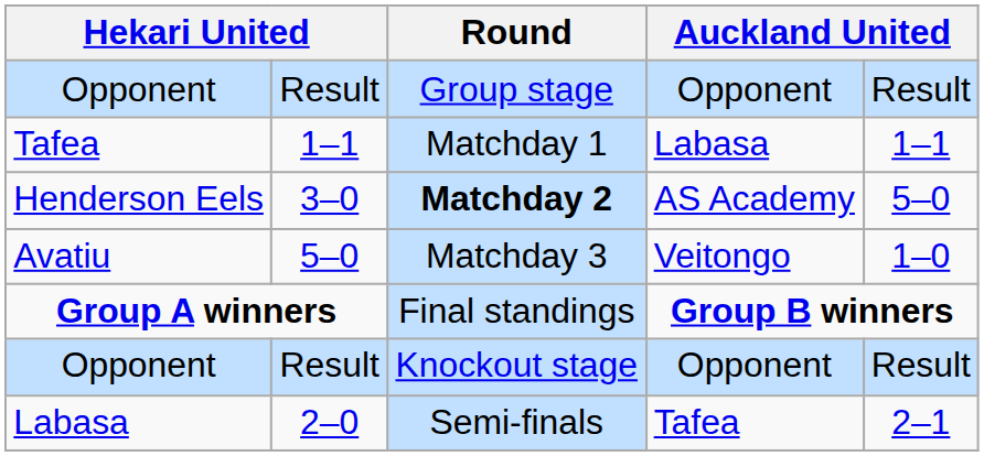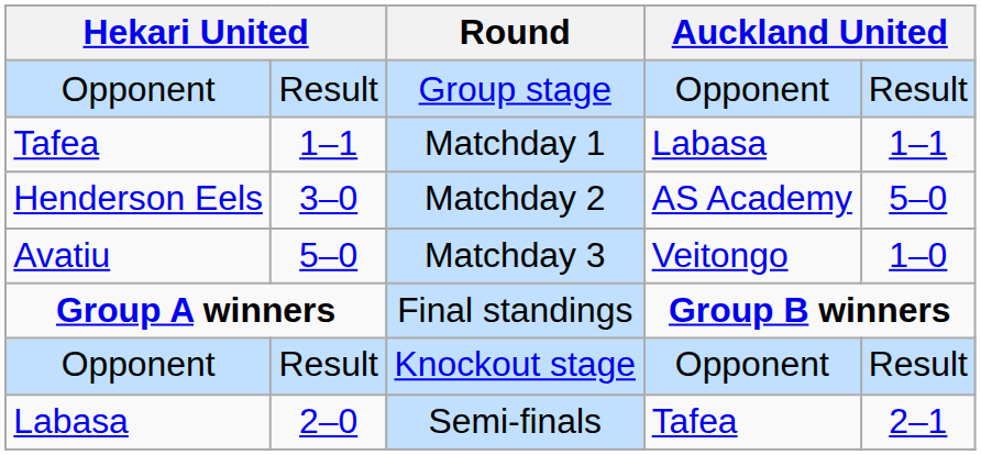 <table class="wikitable" style="text-align:center">
 <tr>
 <th colspan="4"> <a href='#'>Hekari United</a></th>
 <th>Round</th>
 <th colspan="4"> <a href='#'>Auckland United</a></th>
 </tr>
 <tr style="background:#C1E0FF">
 <td>Opponent</td>
 <td colspan="3">Result</td>
 <td><a href='#'>Group stage</a></td>
 <td>Opponent</td>
 <td colspan="3">Result</td>
 </tr>
 <tr>
 <td style="text-align:left"> <a href='#'>Tafea</a></td>
 <td colspan="3"><a href='#'>1–1</a></td>
 <td style="background:#C1E0FF">Matchday 1</td>
 <td style="text-align:left"> <a href='#'>Labasa</a></td>
 <td colspan="3"><a href='#'>1–1</a></td>
 </tr>
 <tr>
 <td style="text-align:left"> <a href='#'>Henderson Eels</a></td>
 <td colspan="3"><a href='#'>3–0</a></td>
-<td style="background:#C1E0FF"><strong>Matchday 2</strong></td>
+<td style="background:#C1E0FF">Matchday 2</td>
 <td style="text-align:left"> <a href='#'>AS Academy</a></td>
 <td colspan="3"><a href='#'>5–0</a></td>
 </tr>
 <tr>
 <td style="text-align:left"> <a href='#'>Avatiu</a></td>
 <td colspan="3"><a href='#'>5–0</a></td>
 <td style="background:#C1E0FF">Matchday 3</td>
 <td style="text-align:left"> <a href='#'>Veitongo</a></td>
 <td colspan="3"><a href='#'>1–0</a></td>
 </tr>
 <tr>
 <td colspan="4" style="vertical-align:top"><strong><a href='#'>Group A</a> winners</strong><br><div></div></td>
 <td style="background:#C1E0FF">Final standings</td>
 <td colspan="4" style="vertical-align:top"><strong><a href='#'>Group B</a> winners</strong><br><div></div></td>
 </tr>
 <tr style="background:#C1E0FF">
 <td>Opponent</td>
 <td colspan="3">Result</td>
 <td><a href='#'>Knockout stage</a></td>
 <td>Opponent</td>
 <td colspan="3">Result</td>
 </tr>
 <tr>
 <td style="text-align:left"> <a href='#'>Labasa</a></td>
 <td colspan="3"><a href='#'>2–0</a> </td>
 <td style="background:#C1E0FF">Semi-finals</td>
 <td style="text-align:left"> <a href='#'>Tafea</a></td>
 <td colspan="3"><a href='#'>2–1</a> </td>
 </tr>
 </table>
